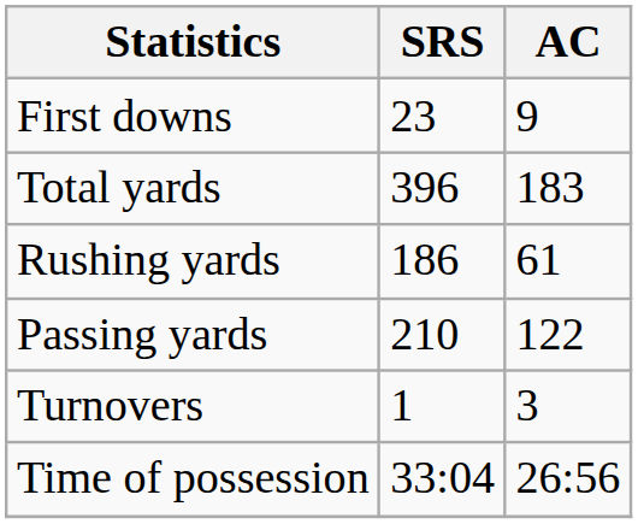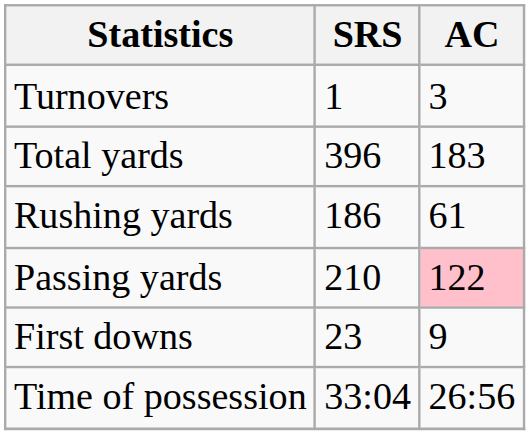 <table class="wikitable" style="float: left;">
 <tr>
 <th>Statistics</th>
 <th>SRS</th>
 <th>AC</th>
 </tr>
 <tr>
-<td>First downs</td>
-<td>23</td>
-<td>9</td>
+<td>Turnovers</td>
+<td>1</td>
+<td>3</td>
 </tr>
 <tr>
 <td>Total yards</td>
 <td>396</td>
 <td>183</td>
 </tr>
 <tr>
 <td>Rushing yards</td>
 <td>186</td>
 <td>61</td>
 </tr>
 <tr>
 <td>Passing yards</td>
 <td>210</td>
-<td>122</td>
+<td style="background: pink;">122</td>
 </tr>
 <tr>
-<td>Turnovers</td>
-<td>1</td>
-<td>3</td>
+<td>First downs</td>
+<td>23</td>
+<td>9</td>
 </tr>
 <tr>
 <td>Time of possession</td>
 <td>33:04</td>
 <td>26:56</td>
 </tr>
 <tr>
 </tr>
 </table>
